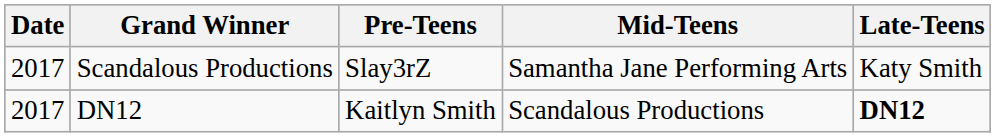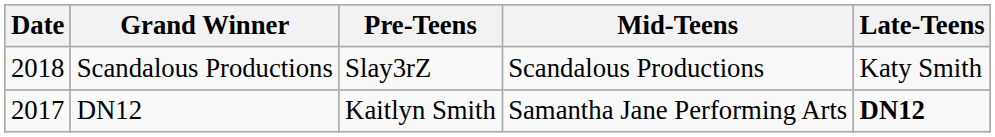 <table class="wikitable">
 <tr>
 <th>Date</th>
 <th>Grand Winner</th>
 <th>Pre-Teens</th>
 <th>Mid-Teens</th>
 <th>Late-Teens</th>
 </tr>
 <tr>
-<td>2017</td>
+<td>2018</td>
 <td>Scandalous Productions</td>
 <td>Slay3rZ</td>
-<td>Samantha Jane Performing Arts</td>
+<td>Scandalous Productions</td>
 <td>Katy Smith</td>
 </tr>
 <tr>
 <td>2017</td>
 <td>DN12</td>
 <td>Kaitlyn Smith</td>
-<td>Scandalous Productions</td>
+<td>Samantha Jane Performing Arts</td>
 <td><strong>DN12</strong></td>
 </tr>
 </table>
